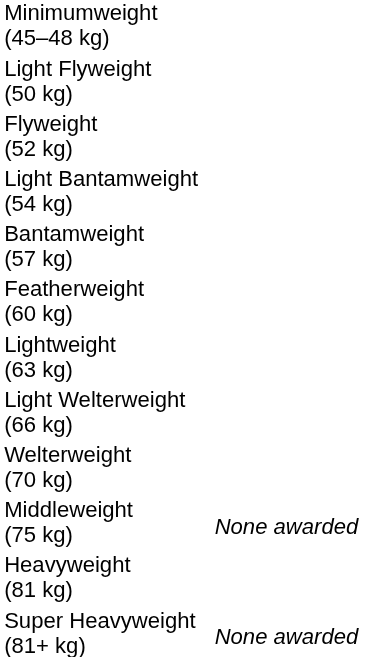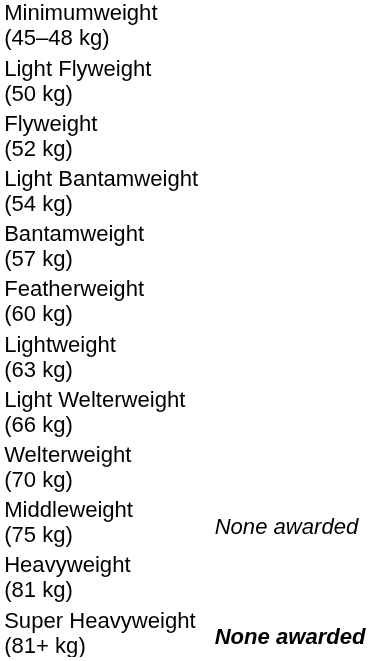 <table>
 <tr>
 <td rowspan=2>Minimumweight<br>(45–48 kg)</td>
 <td rowspan=2></td>
 <td rowspan=2></td>
 <td></td>
 </tr>
 <tr>
 <td></td>
 </tr>
 <tr>
 <td rowspan=2>Light Flyweight<br>(50 kg)</td>
 <td rowspan=2></td>
 <td rowspan=2></td>
 <td></td>
 </tr>
 <tr>
 <td></td>
 </tr>
 <tr>
 <td rowspan=2>Flyweight<br>(52 kg)</td>
 <td rowspan=2></td>
 <td rowspan=2></td>
 <td></td>
 </tr>
 <tr>
 <td></td>
 </tr>
 <tr>
 <td rowspan=2>Light Bantamweight<br>(54 kg)</td>
 <td rowspan=2></td>
 <td rowspan=2></td>
 <td></td>
 </tr>
 <tr>
 <td></td>
 </tr>
 <tr>
 <td rowspan=2>Bantamweight<br>(57 kg)</td>
 <td rowspan=2></td>
 <td rowspan=2></td>
 <td></td>
 </tr>
 <tr>
 <td></td>
 </tr>
 <tr>
 <td rowspan=2>Featherweight<br>(60 kg)</td>
 <td rowspan=2></td>
 <td rowspan=2></td>
 <td></td>
 </tr>
 <tr>
 <td></td>
 </tr>
 <tr>
 <td rowspan=2>Lightweight<br>(63 kg)</td>
 <td rowspan=2></td>
 <td rowspan=2></td>
 <td></td>
 </tr>
 <tr>
 <td></td>
 </tr>
 <tr>
 <td rowspan=2>Light Welterweight<br>(66 kg)</td>
 <td rowspan=2></td>
 <td rowspan=2></td>
 <td></td>
 </tr>
 <tr>
 <td></td>
 </tr>
 <tr>
 <td rowspan=2>Welterweight<br>(70 kg)</td>
 <td rowspan=2></td>
 <td rowspan=2></td>
 <td></td>
 </tr>
 <tr>
 <td></td>
 </tr>
 <tr>
 <td rowspan=2>Middleweight<br>(75 kg)</td>
 <td rowspan=2></td>
 <td rowspan=2></td>
 <td></td>
 </tr>
 <tr>
 <td><em>None awarded</em></td>
 </tr>
 <tr>
 <td rowspan=2>Heavyweight<br>(81 kg)</td>
 <td rowspan=2></td>
 <td rowspan=2></td>
 <td></td>
 </tr>
 <tr>
 <td></td>
 </tr>
 <tr>
 <td rowspan=2>Super Heavyweight<br>(81+ kg)</td>
 <td rowspan=2></td>
 <td rowspan=2></td>
 <td></td>
 </tr>
 <tr>
-<td><em>None awarded</em></td>
+<td><strong><em>None awarded</em></strong></td>
 </tr>
 <tr>
 </tr>
 </table>
